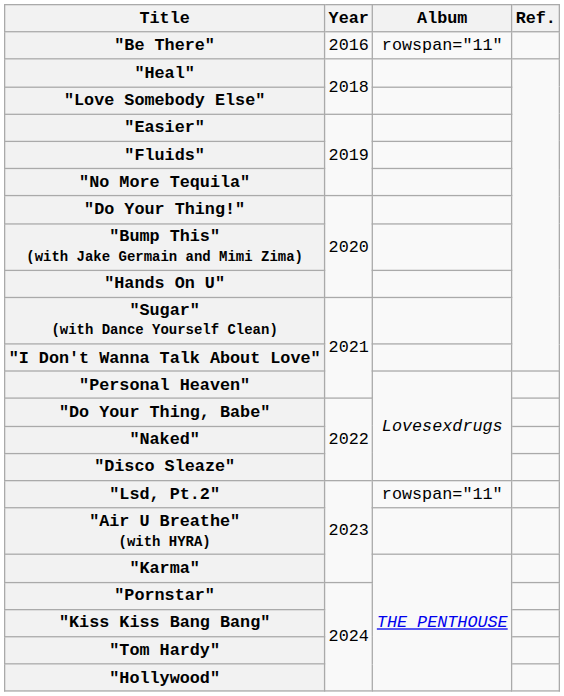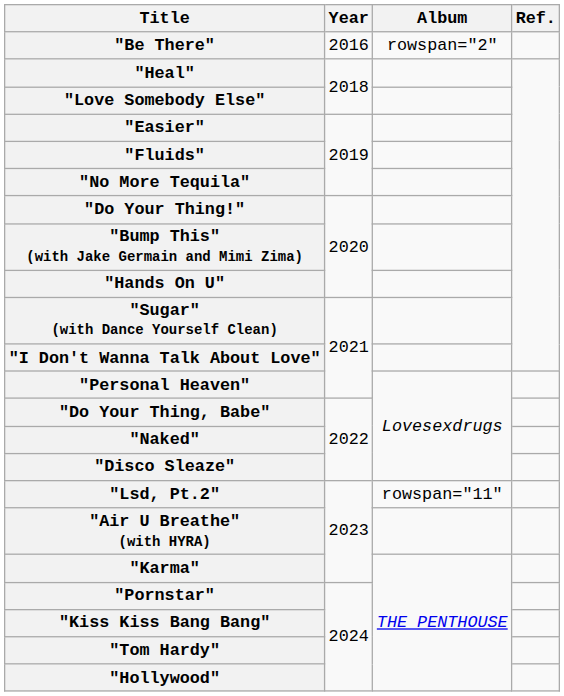 <table class="wikitable plainrowheaders" style="text-align:center">
 <tr>
 <th scope="col">Title</th>
 <th scope="col">Year</th>
 <th scope="col">Album</th>
 <th>Ref.</th>
 </tr>
 <tr>
 <th scope="row">"Be There"</th>
 <td>2016</td>
-<td>rowspan="11" </td>
+<td>rowspan="2" </td>
 <td></td>
 </tr>
 <tr>
 <th scope="row">"Heal"<br></th>
 <td rowspan="2">2018</td>
 <td></td>
 </tr>
 <tr>
 <th scope="row">"Love Somebody Else"</th>
 <td></td>
 </tr>
 <tr>
 <th scope="row">"Easier"</th>
 <td rowspan="3">2019</td>
 <td></td>
 </tr>
 <tr>
 <th scope="row">"Fluids"</th>
 <td></td>
 </tr>
 <tr>
 <th scope="row">"No More Tequila"</th>
 <td></td>
 </tr>
 <tr>
 <th scope="row">"Do Your Thing!"</th>
 <td rowspan="3">2020</td>
 <td></td>
 </tr>
 <tr>
 <th scope="row">"Bump This"<br><small>(with Jake Germain and Mimi Zima)</small></th>
 <td></td>
 </tr>
 <tr>
 <th scope="row">"Hands On U"</th>
 <td></td>
 </tr>
 <tr>
 <th scope="row">"Sugar"<br><small>(with Dance Yourself Clean)</small></th>
 <td rowspan="3">2021</td>
 <td></td>
 </tr>
 <tr>
 <th scope="row">"I Don't Wanna Talk About Love"</th>
 <td></td>
 </tr>
 <tr>
 <th scope="row">"Personal Heaven"</th>
 <td rowspan="4"><em>Lovesexdrugs</em></td>
 <td></td>
 </tr>
 <tr>
 <th scope="row">"Do Your Thing, Babe"<br></th>
 <td rowspan="3">2022</td>
 <td></td>
 </tr>
 <tr>
 <th scope="row">"Naked"</th>
 <td></td>
 </tr>
 <tr>
 <th scope="row">"Disco Sleaze"</th>
 <td></td>
 </tr>
 <tr>
 <th scope="row">"Lsd, Pt.2"</th>
 <td rowspan="3">2023</td>
 <td>rowspan="11" </td>
 <td></td>
 </tr>
 <tr>
 <th scope="row">"Air U Breathe"<br><small>(with HYRA)</small></th>
 <td></td>
 </tr>
 <tr>
 <th scope="row">"Karma"</th>
 <td rowspan="5"><em><a href='#'>THE PENTHOUSE</a></em></td>
 <td></td>
 </tr>
 <tr>
 <th scope="row">"Pornstar"</th>
 <td rowspan="4">2024</td>
 <td></td>
 </tr>
 <tr>
 <th scope="row">"Kiss Kiss Bang Bang"</th>
 <td></td>
 </tr>
 <tr>
 <th scope="row">"Tom Hardy"</th>
 <td></td>
 </tr>
 <tr>
 <th scope="row">"Hollywood"</th>
 <td></td>
 </tr>
 </table>
